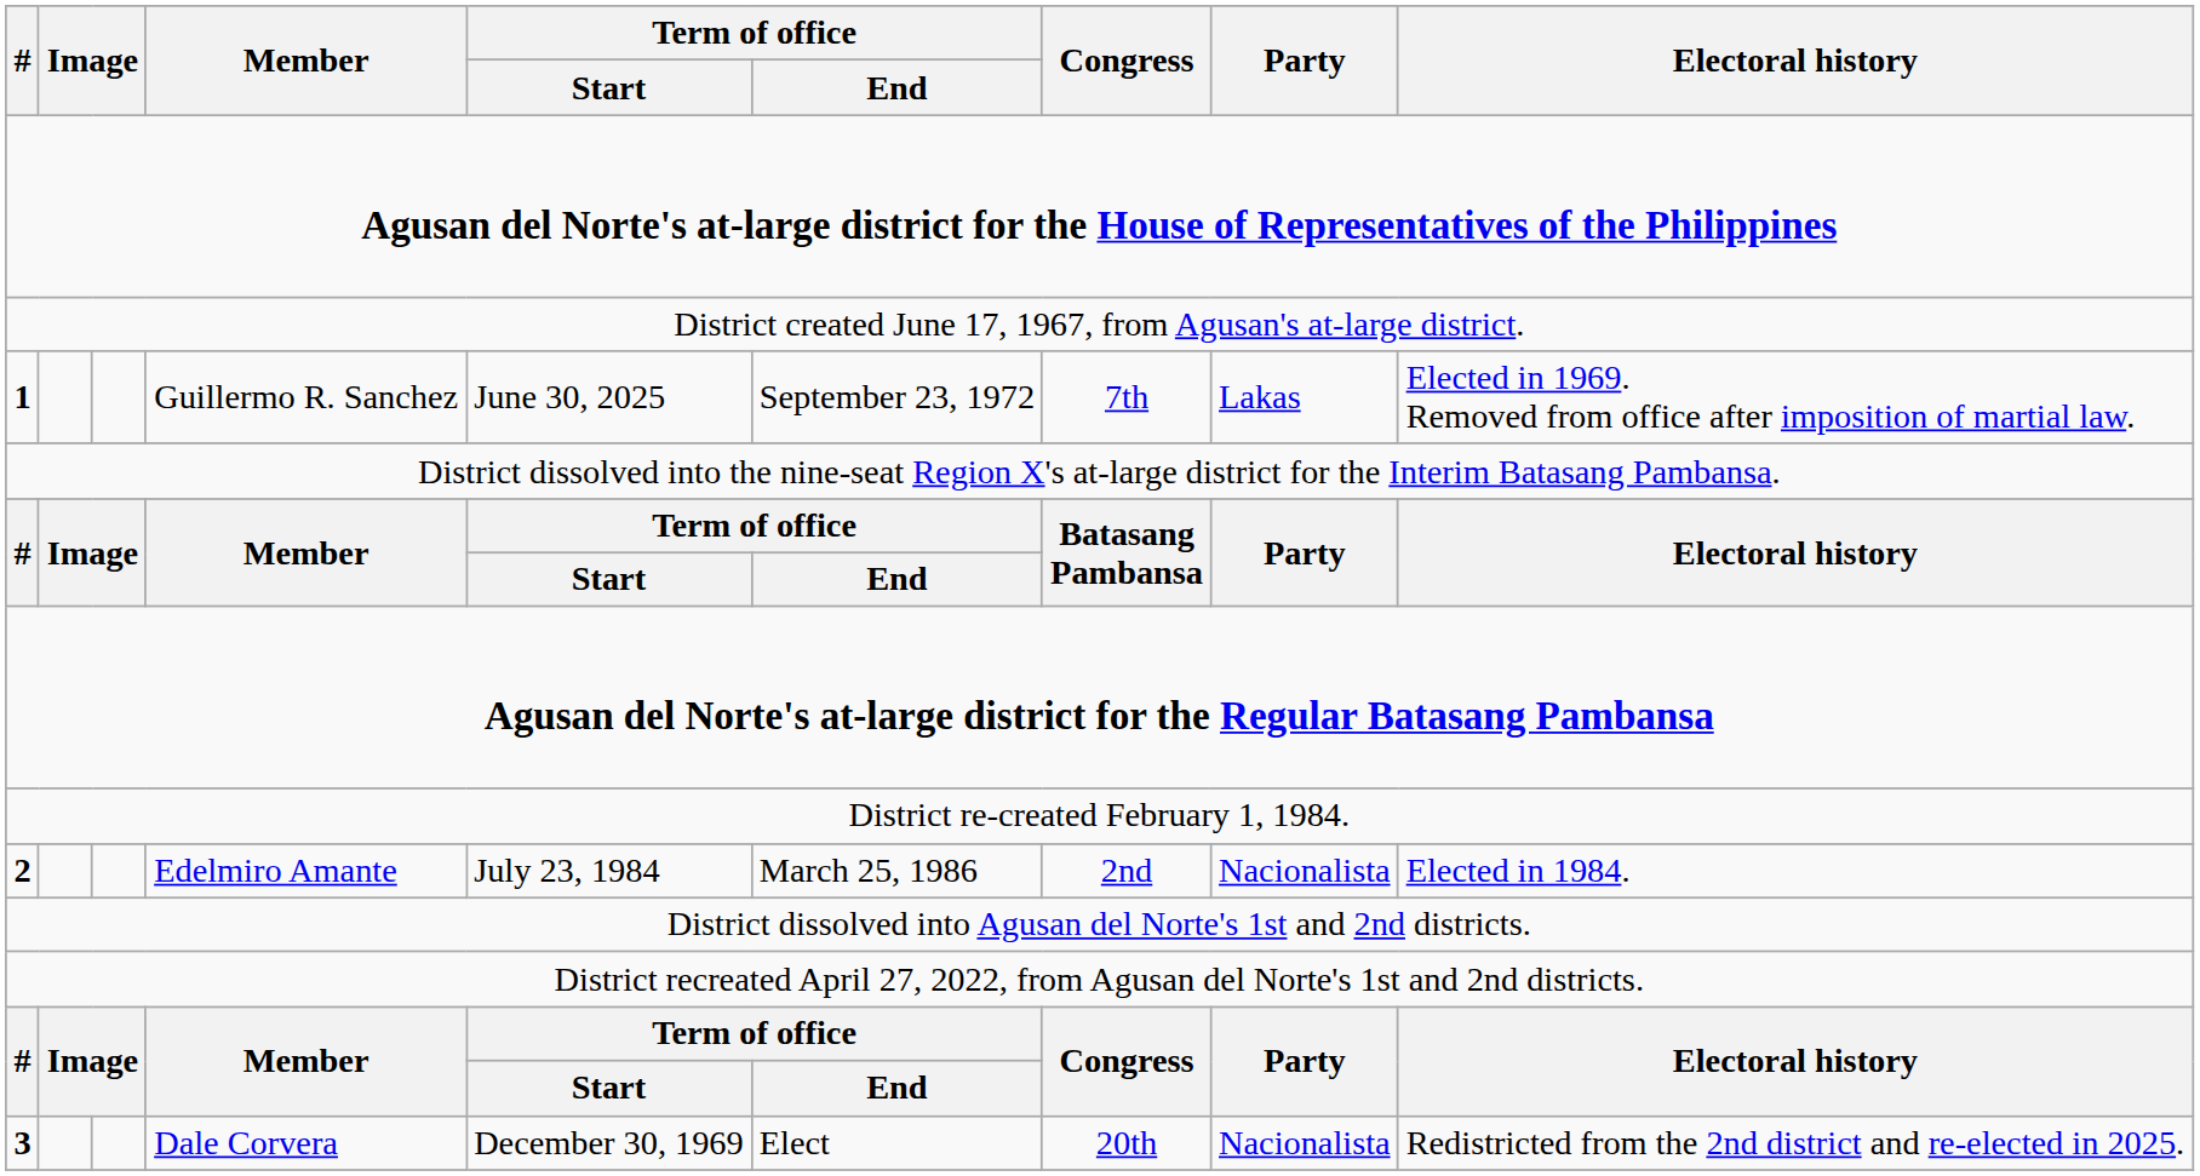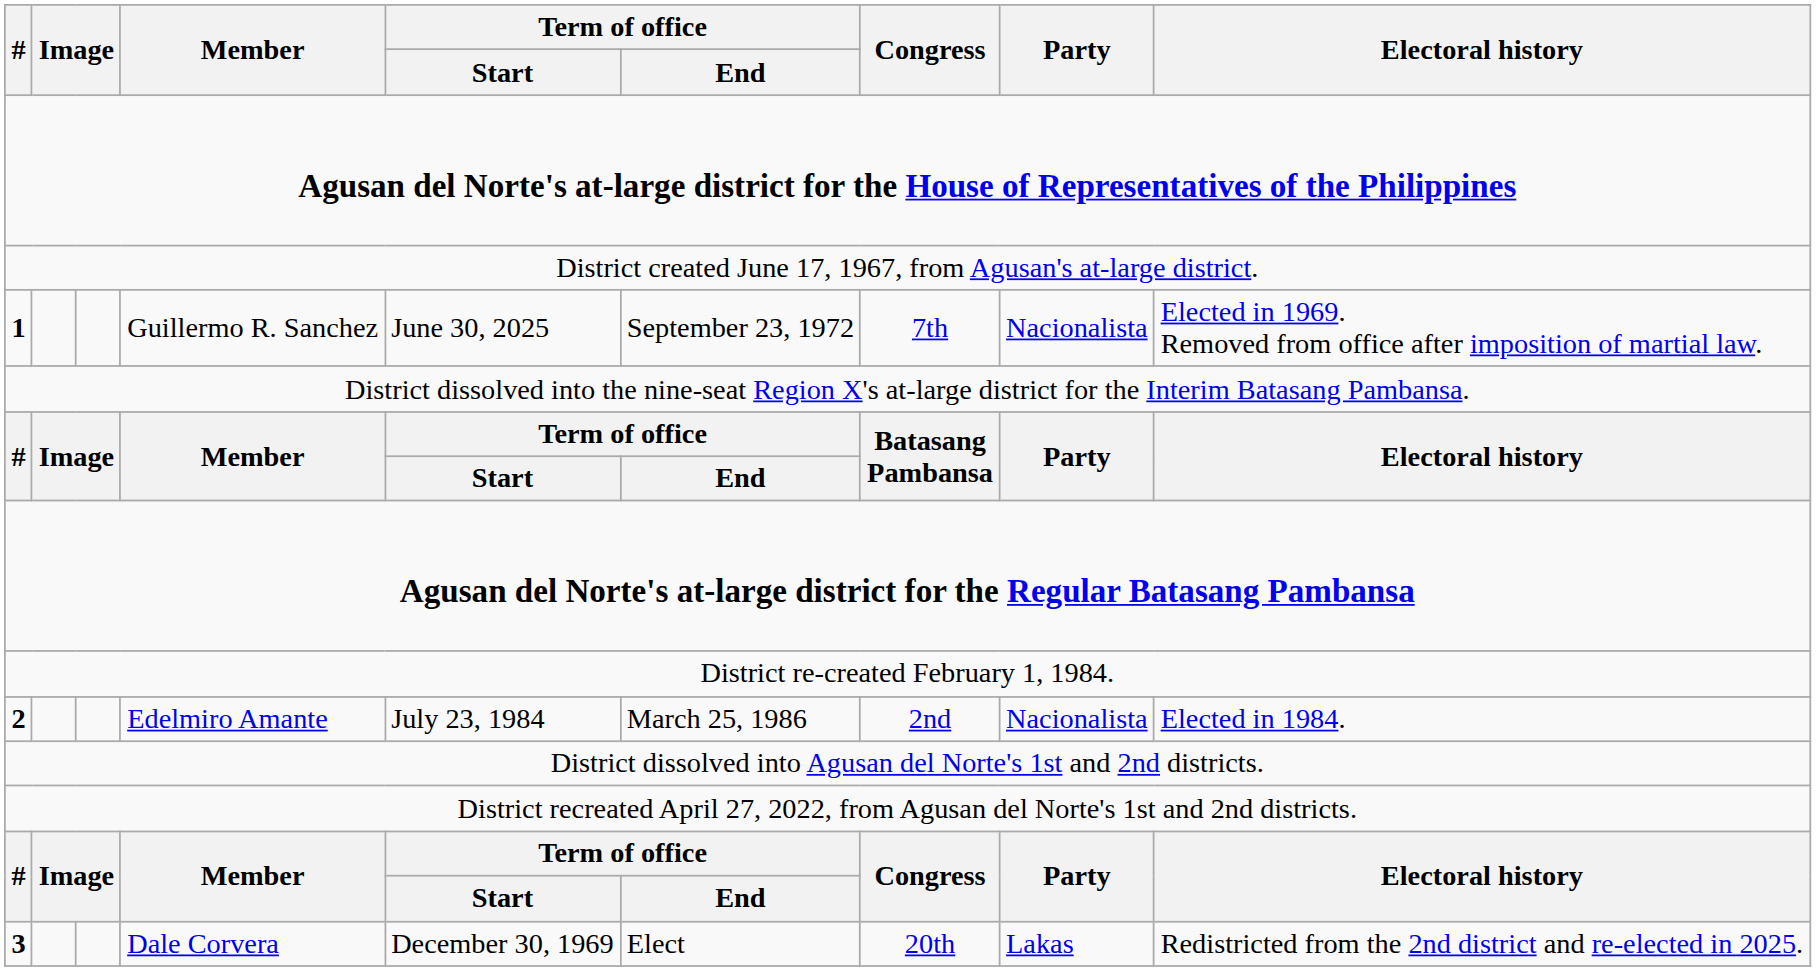 <table class=wikitable>
 <tr>
 <th rowspan="2">#</th>
 <th rowspan="2" colspan=2>Image</th>
 <th rowspan="2">Member</th>
 <th colspan=2>Term of office</th>
 <th rowspan="2">Congress</th>
 <th rowspan="2">Party</th>
 <th rowspan="2">Electoral history</th>
 </tr>
 <tr>
 <th>Start</th>
 <th>End</th>
 </tr>
 <tr>
 <td colspan="10" style="text-align:center;"><br><h3>Agusan del Norte's at-large district for the <a href='#'>House of Representatives of the Philippines</a></h3></td>
 </tr>
 <tr>
 <td colspan="10" style="text-align:center;">District created June 17, 1967, from <a href='#'>Agusan's at-large district</a>.</td>
 </tr>
 <tr>
 <td style="text-align:center;"><strong>1</strong></td>
 <td style="color:inherit;background:"></td>
 <td></td>
 <td>Guillermo R. Sanchez</td>
 <td>June 30, 2025</td>
 <td>September 23, 1972</td>
 <td style="text-align:center;"><a href='#'>7th</a></td>
-<td><a href='#'>Lakas</a></td>
+<td><a href='#'>Nacionalista</a></td>
 <td><a href='#'>Elected in 1969</a>.<br>Removed from office after <a href='#'>imposition of martial law</a>.</td>
 </tr>
 <tr>
 <td colspan="10" style="text-align:center;">District dissolved into the nine-seat <a href='#'>Region X</a>'s at-large district for the <a href='#'>Interim Batasang Pambansa</a>.</td>
 </tr>
 <tr>
 <th rowspan="2">#</th>
 <th rowspan="2" colspan=2>Image</th>
 <th rowspan="2">Member</th>
 <th colspan=2>Term of office</th>
 <th rowspan="2">Batasang<br>Pambansa</th>
 <th rowspan="2">Party</th>
 <th rowspan="2">Electoral history</th>
 </tr>
 <tr>
 <th>Start</th>
 <th>End</th>
 </tr>
 <tr>
 <td colspan="10" style="text-align:center;"><br><h3>Agusan del Norte's at-large district for the <a href='#'>Regular Batasang Pambansa</a></h3></td>
 </tr>
 <tr>
 <td colspan="10" style="text-align:center;">District re-created February 1, 1984.</td>
 </tr>
 <tr>
 <td style="text-align:center;"><strong>2</strong></td>
 <td style="color:inherit;background:"></td>
 <td></td>
 <td><a href='#'>Edelmiro Amante</a></td>
 <td>July 23, 1984</td>
 <td>March 25, 1986</td>
 <td style="text-align:center;"><a href='#'>2nd</a></td>
 <td><a href='#'>Nacionalista</a></td>
 <td><a href='#'>Elected in 1984</a>.</td>
 </tr>
 <tr>
 <td colspan="10" style="text-align:center;">District dissolved into <a href='#'>Agusan del Norte's 1st</a> and <a href='#'>2nd</a> districts.</td>
 </tr>
 <tr>
 <td colspan="10" style="text-align:center;">District recreated April 27, 2022, from Agusan del Norte's 1st and 2nd districts.</td>
 </tr>
 <tr>
 <th rowspan="2">#</th>
 <th rowspan="2" colspan=2>Image</th>
 <th rowspan="2">Member</th>
 <th colspan=2>Term of office</th>
 <th rowspan="2">Congress</th>
 <th rowspan="2">Party</th>
 <th rowspan="2">Electoral history</th>
 </tr>
 <tr>
 <th>Start</th>
 <th>End</th>
 </tr>
 <tr>
 <td style="text-align:center;"><strong>3</strong></td>
 <td style="color:inherit;background:"></td>
 <td></td>
 <td><a href='#'>Dale Corvera</a></td>
 <td>December 30, 1969</td>
 <td>Elect</td>
 <td style="text-align:center;"><a href='#'>20th</a></td>
-<td><a href='#'>Nacionalista</a></td>
+<td><a href='#'>Lakas</a></td>
 <td>Redistricted from the <a href='#'>2nd district</a> and <a href='#'>re-elected in 2025</a>.</td>
 </tr>
 </table>
